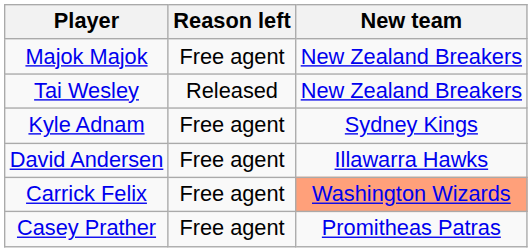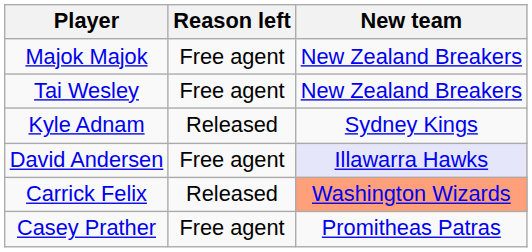 <table class="wikitable sortable sortable" style="text-align: center">
 <tr>
 <th>Player</th>
 <th>Reason left</th>
 <th>New team</th>
 </tr>
 <tr>
 <td><a href='#'>Majok Majok</a></td>
 <td>Free agent</td>
 <td><a href='#'>New Zealand Breakers</a></td>
 </tr>
 <tr>
 <td><a href='#'>Tai Wesley</a></td>
-<td>Released</td>
+<td>Free agent</td>
 <td><a href='#'>New Zealand Breakers</a></td>
 </tr>
 <tr>
 <td><a href='#'>Kyle Adnam</a></td>
-<td>Free agent</td>
+<td>Released</td>
 <td><a href='#'>Sydney Kings</a></td>
 </tr>
 <tr>
 <td><a href='#'>David Andersen</a></td>
 <td>Free agent</td>
-<td><a href='#'>Illawarra Hawks</a></td>
+<td style="background: lavender;"><a href='#'>Illawarra Hawks</a></td>
 </tr>
 <tr>
 <td><a href='#'>Carrick Felix</a></td>
-<td>Free agent</td>
+<td>Released</td>
 <td style="background: lightsalmon;"><a href='#'>Washington Wizards</a></td>
 </tr>
 <tr>
 <td><a href='#'>Casey Prather</a></td>
 <td>Free agent</td>
 <td><a href='#'>Promitheas Patras</a></td>
 </tr>
 </table>
